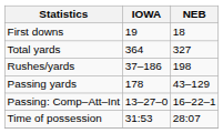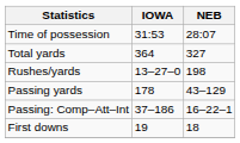 <table class="wikitable" style="float: left;">
 <tr>
 <th>Statistics</th>
 <th>IOWA</th>
 <th>NEB</th>
 </tr>
 <tr>
-<td>First downs</td>
-<td>19</td>
-<td>18</td>
+<td>Time of possession</td>
+<td>31:53</td>
+<td>28:07</td>
 </tr>
 <tr>
 <td>Total yards</td>
 <td>364</td>
 <td>327</td>
 </tr>
 <tr>
 <td>Rushes/yards</td>
-<td>37–186</td>
+<td>13–27–0</td>
 <td>198</td>
 </tr>
 <tr>
 <td>Passing yards</td>
 <td>178</td>
 <td>43–129</td>
 </tr>
 <tr>
 <td>Passing: Comp–Att–Int</td>
-<td>13–27–0</td>
+<td>37–186</td>
 <td>16–22–1</td>
 </tr>
 <tr>
-<td>Time of possession</td>
-<td>31:53</td>
-<td>28:07</td>
+<td>First downs</td>
+<td>19</td>
+<td>18</td>
 </tr>
 <tr>
 </tr>
 </table>
